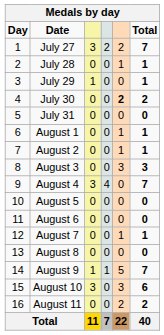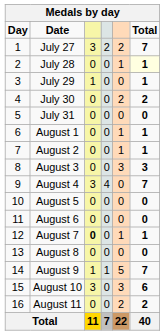 <table class=wikitable style="font-size:85%; float:right;text-align:center">
 <tr>
 <th colspan=7><strong>Medals by day</strong></th>
 </tr>
 <tr>
 <td><strong>Day</strong></td>
 <td><strong>Date</strong></td>
 <td bgcolor=F7F6A8></td>
 <td bgcolor=DCE5E5></td>
 <td bgcolor=FFDAB9></td>
 <td><strong>Total</strong></td>
 </tr>
 <tr>
 <td>1</td>
 <td>July 27</td>
 <td bgcolor=F7F6A8>3</td>
 <td bgcolor=DCE5E5>2</td>
 <td bgcolor=FFDAB9>2</td>
 <td><strong>7</strong></td>
 </tr>
 <tr>
 <td>2</td>
 <td>July 28</td>
 <td bgcolor=F7F6A8>0</td>
 <td bgcolor=DCE5E5>0</td>
 <td bgcolor=FFDAB9>1</td>
-<td><strong>1</strong></td>
+<td style="background: lightyellow;"><strong>1</strong></td>
 </tr>
 <tr>
 <td>3</td>
 <td>July 29</td>
 <td bgcolor=F7F6A8>1</td>
 <td bgcolor=DCE5E5>0</td>
 <td bgcolor=FFDAB9>0</td>
 <td><strong>1</strong></td>
 </tr>
 <tr>
 <td>4</td>
 <td>July 30</td>
 <td bgcolor=F7F6A8>0</td>
 <td bgcolor=DCE5E5>0</td>
-<td bgcolor=FFDAB9><strong>2</strong></td>
+<td bgcolor=FFDAB9>2</td>
 <td><strong>2</strong></td>
 </tr>
 <tr>
 <td>5</td>
 <td>July 31</td>
 <td bgcolor=F7F6A8>0</td>
 <td bgcolor=DCE5E5>0</td>
 <td bgcolor=FFDAB9>0</td>
 <td><strong>0</strong></td>
 </tr>
 <tr>
 <td>6</td>
 <td>August 1</td>
 <td bgcolor=F7F6A8>0</td>
 <td bgcolor=DCE5E5>0</td>
 <td bgcolor=FFDAB9>1</td>
 <td><strong>1</strong></td>
 </tr>
 <tr>
 <td>7</td>
 <td>August 2</td>
 <td bgcolor=F7F6A8>0</td>
 <td bgcolor=DCE5E5>0</td>
 <td bgcolor=FFDAB9>1</td>
 <td><strong>1</strong></td>
 </tr>
 <tr>
 <td>8</td>
 <td>August 3</td>
 <td bgcolor=F7F6A8>0</td>
 <td bgcolor=DCE5E5>0</td>
 <td bgcolor=FFDAB9>3</td>
 <td><strong>3</strong></td>
 </tr>
 <tr>
 <td>9</td>
 <td>August 4</td>
 <td bgcolor=F7F6A8>3</td>
 <td bgcolor=DCE5E5>4</td>
 <td bgcolor=FFDAB9>0</td>
 <td><strong>7</strong></td>
 </tr>
 <tr>
 <td>10</td>
 <td>August 5</td>
 <td bgcolor=F7F6A8>0</td>
 <td bgcolor=DCE5E5>0</td>
 <td bgcolor=FFDAB9>0</td>
 <td><strong>0</strong></td>
 </tr>
 <tr>
 <td>11</td>
 <td>August 6</td>
 <td bgcolor=F7F6A8>0</td>
 <td bgcolor=DCE5E5>0</td>
 <td bgcolor=FFDAB9>0</td>
 <td><strong>0</strong></td>
 </tr>
 <tr>
 <td>12</td>
 <td>August 7</td>
-<td bgcolor=F7F6A8>0</td>
+<td bgcolor=F7F6A8><strong>0</strong></td>
 <td bgcolor=DCE5E5>0</td>
 <td bgcolor=FFDAB9>1</td>
 <td><strong>1</strong></td>
 </tr>
 <tr>
 <td>13</td>
 <td>August 8</td>
 <td bgcolor=F7F6A8>0</td>
 <td bgcolor=DCE5E5>0</td>
 <td bgcolor=FFDAB9>0</td>
 <td><strong>0</strong></td>
 </tr>
 <tr>
 <td>14</td>
 <td>August 9</td>
 <td bgcolor=F7F6A8>1</td>
 <td bgcolor=DCE5E5>1</td>
 <td bgcolor=FFDAB9>5</td>
 <td><strong>7</strong></td>
 </tr>
 <tr>
 <td>15</td>
 <td>August 10</td>
 <td bgcolor=F7F6A8>3</td>
 <td bgcolor=DCE5E5>0</td>
 <td bgcolor=FFDAB9>3</td>
 <td><strong>6</strong></td>
 </tr>
 <tr>
 <td>16</td>
 <td>August 11</td>
 <td bgcolor=F7F6A8>0</td>
 <td bgcolor=DCE5E5>0</td>
 <td bgcolor=FFDAB9>2</td>
 <td><strong>2</strong></td>
 </tr>
 <tr>
 <th colspan=2><strong>Total</strong></th>
 <th style=background:gold><strong>11</strong></th>
 <th style=background:silver><strong>7</strong></th>
 <th style=background:#C96><strong>22</strong></th>
 <th><strong>40</strong></th>
 </tr>
 </table>
